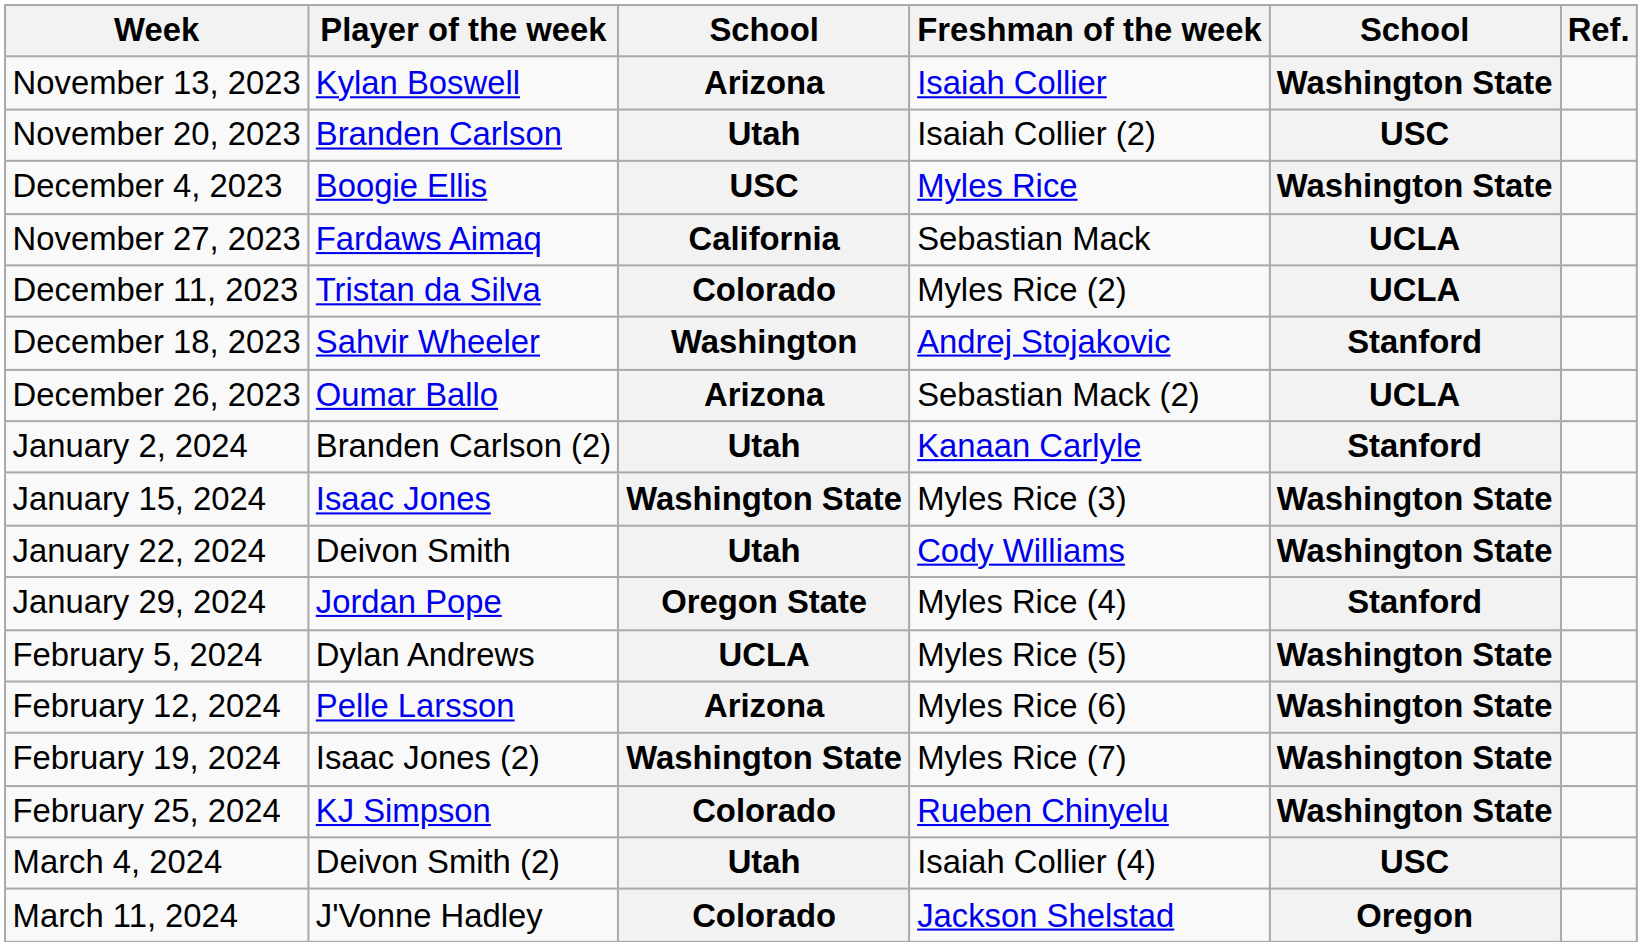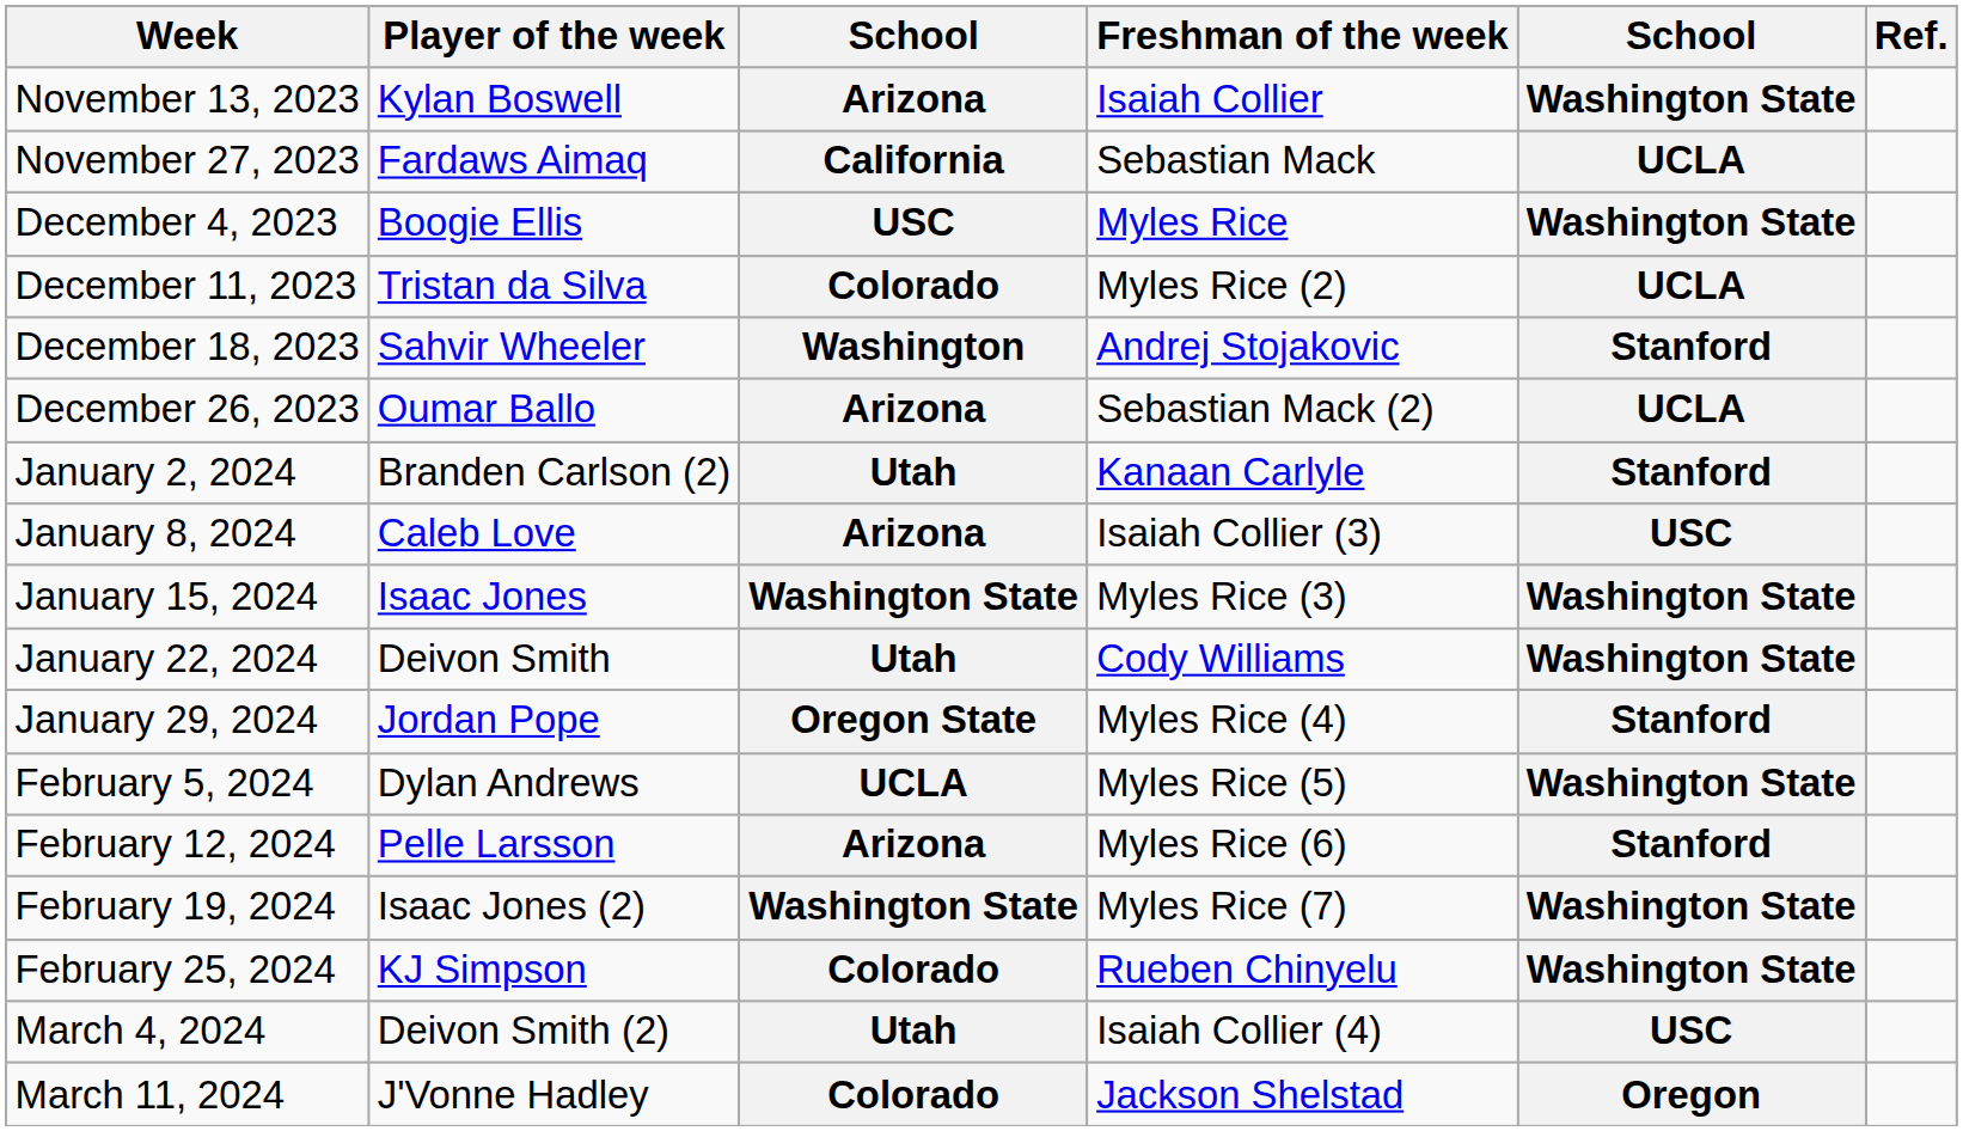 <table class="wikitable" border="1">
 <tr>
 <th>Week</th>
 <th>Player of the week</th>
 <th>School</th>
 <th>Freshman of the week</th>
 <th>School</th>
 <th>Ref.</th>
 </tr>
 <tr>
 <td>November 13, 2023</td>
 <td><a href='#'>Kylan Boswell</a></td>
 <th>Arizona</th>
 <td><a href='#'>Isaiah Collier</a></td>
 <th>Washington State</th>
 <td></td>
 </tr>
 <tr>
-<td>November 20, 2023</td>
-<td><a href='#'>Branden Carlson</a></td>
-<th>Utah</th>
-<td>Isaiah Collier (2)</td>
-<th>USC</th>
+<td>November 27, 2023</td>
+<td><a href='#'>Fardaws Aimaq</a></td>
+<th>California</th>
+<td>Sebastian Mack</td>
+<th>UCLA</th>
 <td></td>
 </tr>
 <tr>
 <td>December 4, 2023</td>
 <td><a href='#'>Boogie Ellis</a></td>
 <th>USC</th>
 <td><a href='#'>Myles Rice</a></td>
 <th>Washington State</th>
-<td></td>
-</tr>
-<tr>
-<td>November 27, 2023</td>
-<td><a href='#'>Fardaws Aimaq</a></td>
-<th>California</th>
-<td>Sebastian Mack</td>
-<th>UCLA</th>
 <td></td>
 </tr>
 <tr>
 <td>December 11, 2023</td>
 <td><a href='#'>Tristan da Silva</a></td>
 <th>Colorado</th>
 <td>Myles Rice (2)</td>
 <th>UCLA</th>
 <td></td>
 </tr>
 <tr>
 <td>December 18, 2023</td>
 <td><a href='#'>Sahvir Wheeler</a></td>
 <th>Washington</th>
 <td><a href='#'>Andrej Stojakovic</a></td>
 <th>Stanford</th>
 <td></td>
 </tr>
 <tr>
 <td>December 26, 2023</td>
 <td><a href='#'>Oumar Ballo</a></td>
 <th>Arizona</th>
 <td>Sebastian Mack (2)</td>
 <th>UCLA</th>
 <td></td>
 </tr>
 <tr>
 <td>January 2, 2024</td>
 <td>Branden Carlson (2)</td>
 <th>Utah</th>
 <td><a href='#'>Kanaan Carlyle</a></td>
 <th>Stanford</th>
+<td></td>
+</tr>
+<tr>
+<td>January 8, 2024</td>
+<td><a href='#'>Caleb Love</a></td>
+<th>Arizona</th>
+<td>Isaiah Collier (3)</td>
+<th>USC</th>
 <td></td>
 </tr>
 <tr>
 <td>January 15, 2024</td>
 <td><a href='#'>Isaac Jones</a></td>
 <th>Washington State</th>
 <td>Myles Rice (3)</td>
 <th>Washington State</th>
 <td></td>
 </tr>
 <tr>
 <td>January 22, 2024</td>
 <td>Deivon Smith</td>
 <th>Utah</th>
 <td><a href='#'>Cody Williams</a></td>
 <th>Washington State</th>
 <td></td>
 </tr>
 <tr>
 <td>January 29, 2024</td>
 <td><a href='#'>Jordan Pope</a></td>
 <th>Oregon State</th>
 <td>Myles Rice (4)</td>
 <th>Stanford</th>
 <td></td>
 </tr>
 <tr>
 <td>February 5, 2024</td>
 <td>Dylan Andrews</td>
 <th>UCLA</th>
 <td>Myles Rice (5)</td>
 <th>Washington State</th>
 <td></td>
 </tr>
 <tr>
 <td>February 12, 2024</td>
 <td><a href='#'>Pelle Larsson</a></td>
 <th>Arizona</th>
 <td>Myles Rice (6)</td>
-<th>Washington State</th>
+<th>Stanford</th>
 <td></td>
 </tr>
 <tr>
 <td>February 19, 2024</td>
 <td>Isaac Jones (2)</td>
 <th>Washington State</th>
 <td>Myles Rice (7)</td>
 <th>Washington State</th>
 <td></td>
 </tr>
 <tr>
 <td>February 25, 2024</td>
 <td><a href='#'>KJ Simpson</a></td>
 <th>Colorado</th>
 <td><a href='#'>Rueben Chinyelu</a></td>
 <th>Washington State</th>
 <td></td>
 </tr>
 <tr>
 <td>March 4, 2024</td>
 <td>Deivon Smith (2)</td>
 <th>Utah</th>
 <td>Isaiah Collier (4)</td>
 <th>USC</th>
 <td></td>
 </tr>
 <tr>
 <td>March 11, 2024</td>
 <td>J'Vonne Hadley</td>
 <th>Colorado</th>
 <td><a href='#'>Jackson Shelstad</a></td>
 <th>Oregon</th>
 <td></td>
 </tr>
 </table>
